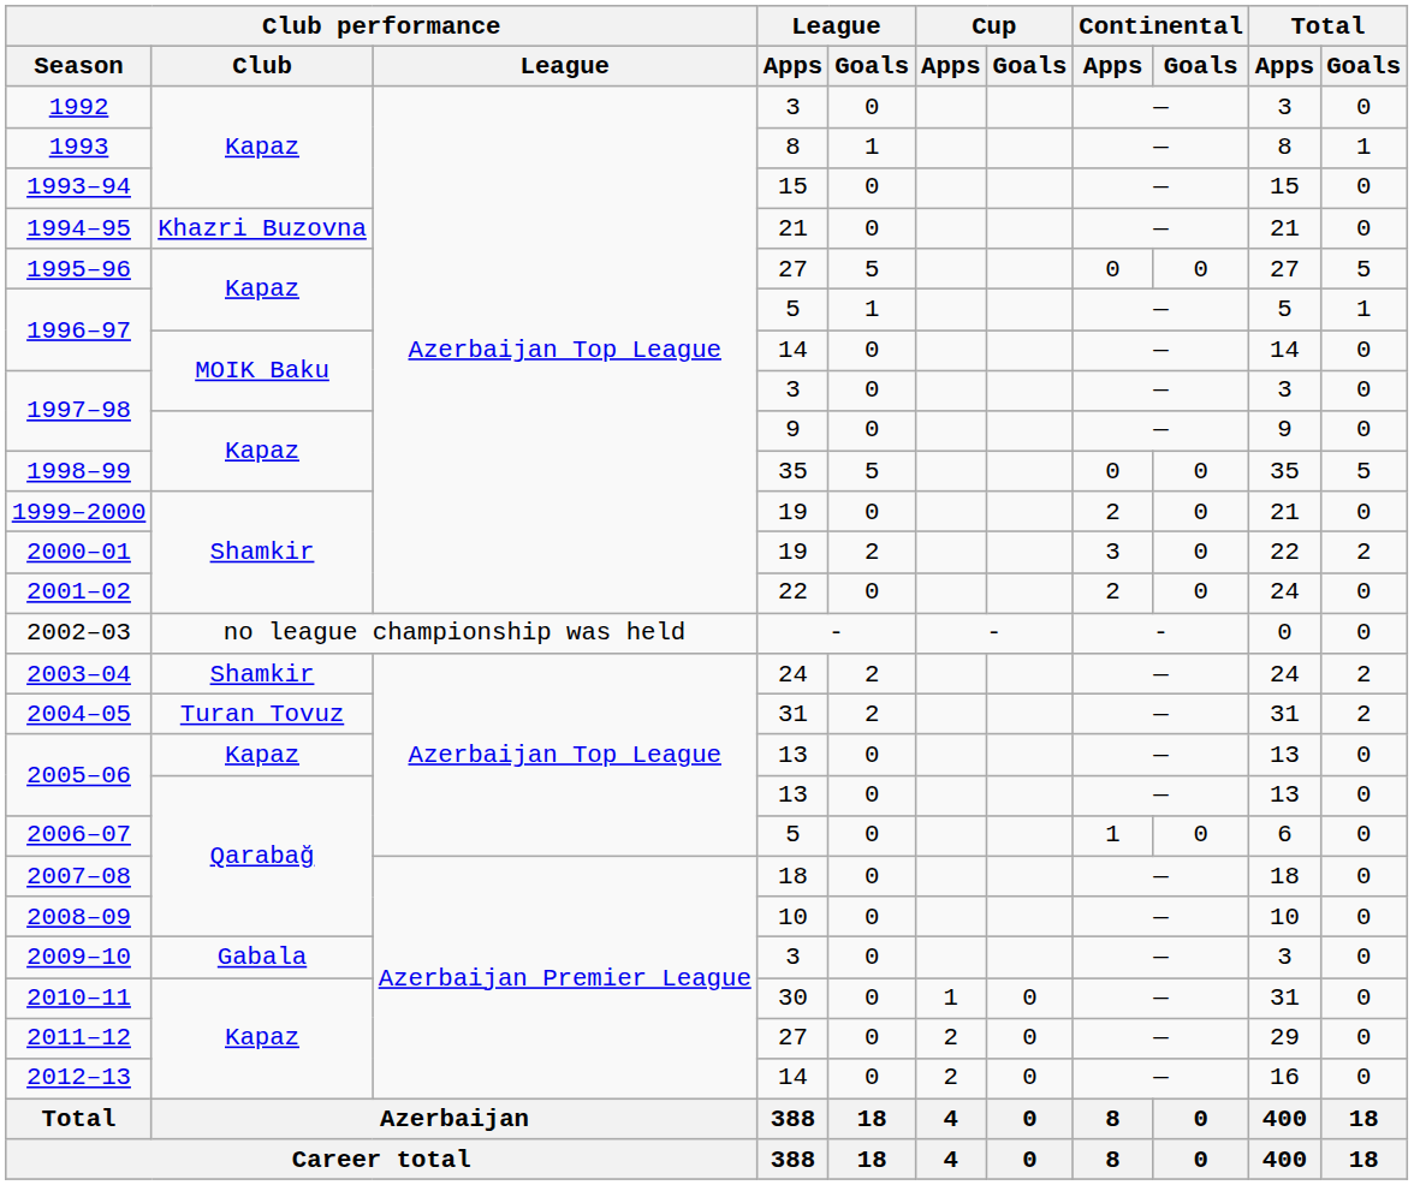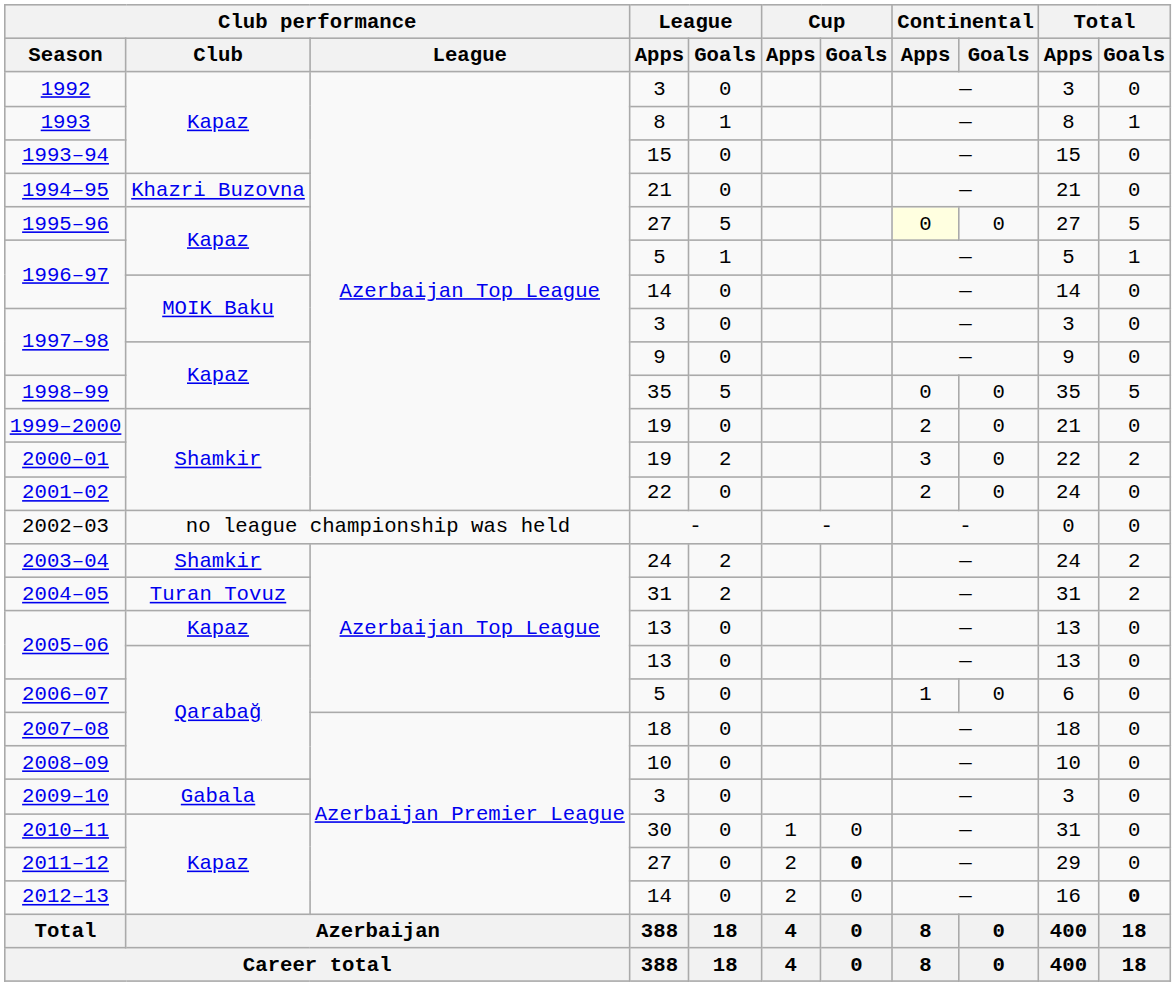 <table class="wikitable" style="text-align:center">
 <tr>
 <th colspan=3>Club performance</th>
 <th colspan=2>League</th>
 <th colspan=2>Cup</th>
 <th colspan=2>Continental</th>
 <th colspan=2>Total</th>
 </tr>
 <tr>
 <th>Season</th>
 <th>Club</th>
 <th>League</th>
 <th>Apps</th>
 <th>Goals</th>
 <th>Apps</th>
 <th>Goals</th>
 <th>Apps</th>
 <th>Goals</th>
 <th>Apps</th>
 <th>Goals</th>
 </tr>
 <tr>
 <td><a href='#'>1992</a></td>
 <td rowspan="3"><a href='#'>Kapaz</a></td>
 <td rowspan="13"><a href='#'>Azerbaijan Top League</a></td>
 <td>3</td>
 <td>0</td>
 <td></td>
 <td></td>
 <td colspan="2">—</td>
 <td>3</td>
 <td>0</td>
 </tr>
 <tr>
 <td><a href='#'>1993</a></td>
 <td>8</td>
 <td>1</td>
 <td></td>
 <td></td>
 <td colspan="2">—</td>
 <td>8</td>
 <td>1</td>
 </tr>
 <tr>
 <td><a href='#'>1993–94</a></td>
 <td>15</td>
 <td>0</td>
 <td></td>
 <td></td>
 <td colspan="2">—</td>
 <td>15</td>
 <td>0</td>
 </tr>
 <tr>
 <td><a href='#'>1994–95</a></td>
 <td><a href='#'>Khazri Buzovna</a></td>
 <td>21</td>
 <td>0</td>
 <td></td>
 <td></td>
 <td colspan="2">—</td>
 <td>21</td>
 <td>0</td>
 </tr>
 <tr>
 <td><a href='#'>1995–96</a></td>
 <td rowspan="2"><a href='#'>Kapaz</a></td>
 <td>27</td>
 <td>5</td>
 <td></td>
 <td></td>
-<td>0</td>
+<td style="background: lightyellow;">0</td>
 <td>0</td>
 <td>27</td>
 <td>5</td>
 </tr>
 <tr>
 <td rowspan="2"><a href='#'>1996–97</a></td>
 <td>5</td>
 <td>1</td>
 <td></td>
 <td></td>
 <td colspan="2">—</td>
 <td>5</td>
 <td>1</td>
 </tr>
 <tr>
 <td rowspan="2"><a href='#'>MOIK Baku</a></td>
 <td>14</td>
 <td>0</td>
 <td></td>
 <td></td>
 <td colspan="2">—</td>
 <td>14</td>
 <td>0</td>
 </tr>
 <tr>
 <td rowspan="2"><a href='#'>1997–98</a></td>
 <td>3</td>
 <td>0</td>
 <td></td>
 <td></td>
 <td colspan="2">—</td>
 <td>3</td>
 <td>0</td>
 </tr>
 <tr>
 <td rowspan="2"><a href='#'>Kapaz</a></td>
 <td>9</td>
 <td>0</td>
 <td></td>
 <td></td>
 <td colspan="2">—</td>
 <td>9</td>
 <td>0</td>
 </tr>
 <tr>
 <td><a href='#'>1998–99</a></td>
 <td>35</td>
 <td>5</td>
 <td></td>
 <td></td>
 <td>0</td>
 <td>0</td>
 <td>35</td>
 <td>5</td>
 </tr>
 <tr>
 <td><a href='#'>1999–2000</a></td>
 <td rowspan="3"><a href='#'>Shamkir</a></td>
 <td>19</td>
 <td>0</td>
 <td></td>
 <td></td>
 <td>2</td>
 <td>0</td>
 <td>21</td>
 <td>0</td>
 </tr>
 <tr>
 <td><a href='#'>2000–01</a></td>
 <td>19</td>
 <td>2</td>
 <td></td>
 <td></td>
 <td>3</td>
 <td>0</td>
 <td>22</td>
 <td>2</td>
 </tr>
 <tr>
 <td><a href='#'>2001–02</a></td>
 <td>22</td>
 <td>0</td>
 <td></td>
 <td></td>
 <td>2</td>
 <td>0</td>
 <td>24</td>
 <td>0</td>
 </tr>
 <tr align=center>
 <td>2002–03</td>
 <td colspan=2>no league championship was held</td>
 <td colspan="2">-</td>
 <td colspan="2">-</td>
 <td colspan="2">-</td>
 <td>0</td>
 <td>0</td>
 </tr>
 <tr>
 <td><a href='#'>2003–04</a></td>
 <td><a href='#'>Shamkir</a></td>
 <td rowspan="5"><a href='#'>Azerbaijan Top League</a></td>
 <td>24</td>
 <td>2</td>
 <td></td>
 <td></td>
 <td colspan="2">—</td>
 <td>24</td>
 <td>2</td>
 </tr>
 <tr>
 <td><a href='#'>2004–05</a></td>
 <td><a href='#'>Turan Tovuz</a></td>
 <td>31</td>
 <td>2</td>
 <td></td>
 <td></td>
 <td colspan="2">—</td>
 <td>31</td>
 <td>2</td>
 </tr>
 <tr>
 <td rowspan="2"><a href='#'>2005–06</a></td>
 <td><a href='#'>Kapaz</a></td>
 <td>13</td>
 <td>0</td>
 <td></td>
 <td></td>
 <td colspan="2">—</td>
 <td>13</td>
 <td>0</td>
 </tr>
 <tr>
 <td rowspan="4"><a href='#'>Qarabağ</a></td>
 <td>13</td>
 <td>0</td>
 <td></td>
 <td></td>
 <td colspan="2">—</td>
 <td>13</td>
 <td>0</td>
 </tr>
 <tr>
 <td><a href='#'>2006–07</a></td>
 <td>5</td>
 <td>0</td>
 <td></td>
 <td></td>
 <td>1</td>
 <td>0</td>
 <td>6</td>
 <td>0</td>
 </tr>
 <tr>
 <td><a href='#'>2007–08</a></td>
 <td rowspan="6"><a href='#'>Azerbaijan Premier League</a></td>
 <td>18</td>
 <td>0</td>
 <td></td>
 <td></td>
 <td colspan="2">—</td>
 <td>18</td>
 <td>0</td>
 </tr>
 <tr>
 <td><a href='#'>2008–09</a></td>
 <td>10</td>
 <td>0</td>
 <td></td>
 <td></td>
 <td colspan="2">—</td>
 <td>10</td>
 <td>0</td>
 </tr>
 <tr>
 <td><a href='#'>2009–10</a></td>
 <td><a href='#'>Gabala</a></td>
 <td>3</td>
 <td>0</td>
 <td></td>
 <td></td>
 <td colspan="2">—</td>
 <td>3</td>
 <td>0</td>
 </tr>
 <tr>
 <td><a href='#'>2010–11</a></td>
 <td rowspan="3"><a href='#'>Kapaz</a></td>
 <td>30</td>
 <td>0</td>
 <td>1</td>
 <td>0</td>
 <td colspan="2">—</td>
 <td>31</td>
 <td>0</td>
 </tr>
 <tr>
 <td><a href='#'>2011–12</a></td>
 <td>27</td>
 <td>0</td>
 <td>2</td>
-<td>0</td>
+<td><strong>0</strong></td>
 <td colspan="2">—</td>
 <td>29</td>
 <td>0</td>
 </tr>
 <tr>
 <td><a href='#'>2012–13</a></td>
 <td>14</td>
 <td>0</td>
 <td>2</td>
 <td>0</td>
 <td colspan="2">—</td>
 <td>16</td>
-<td>0</td>
+<td><strong>0</strong></td>
 </tr>
 <tr>
 <th rowspan=1>Total</th>
 <th colspan=2>Azerbaijan</th>
 <th>388</th>
 <th>18</th>
 <th>4</th>
 <th>0</th>
 <th>8</th>
 <th>0</th>
 <th>400</th>
 <th>18</th>
 </tr>
 <tr>
 <th colspan=3>Career total</th>
 <th>388</th>
 <th>18</th>
 <th>4</th>
 <th>0</th>
 <th>8</th>
 <th>0</th>
 <th>400</th>
 <th>18</th>
 </tr>
 </table>
